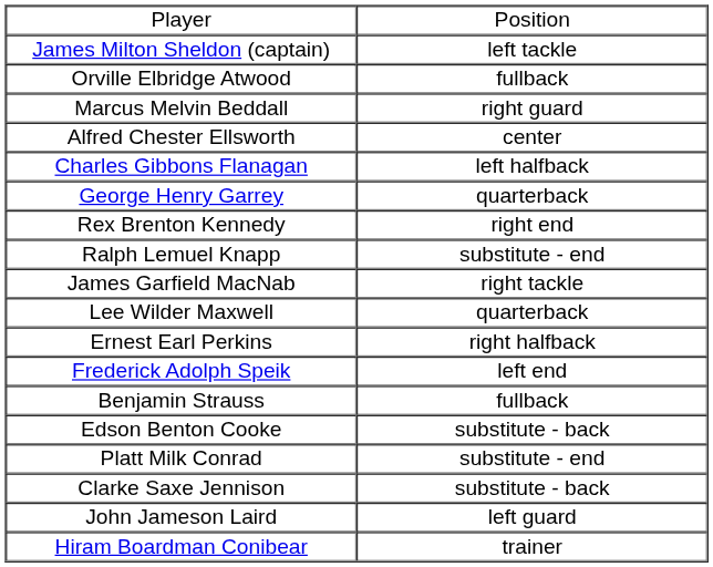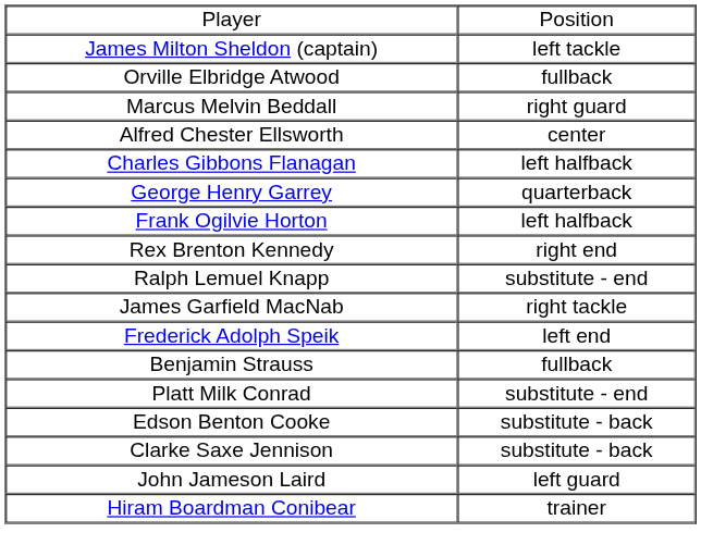 <table cellpadding="1" border="1" cellspacing="0" width="60%" style="text-align:center;">
 <tr>
 <td>Player</td>
 <td>Position</td>
 </tr>
 <tr align="center" bgcolor="">
 <td><a href='#'>James Milton Sheldon</a> (captain)</td>
 <td>left tackle</td>
 </tr>
 <tr align="center" bgcolor="">
 <td>Orville Elbridge Atwood</td>
 <td>fullback</td>
 </tr>
 <tr align="center" bgcolor="">
 <td>Marcus Melvin Beddall</td>
 <td>right guard</td>
 </tr>
 <tr align="center" bgcolor="">
 <td>Alfred Chester Ellsworth</td>
 <td>center</td>
 </tr>
 <tr align="center" bgcolor="">
 <td><a href='#'>Charles Gibbons Flanagan</a></td>
 <td>left halfback</td>
 </tr>
 <tr align="center" bgcolor="">
 <td><a href='#'>George Henry Garrey</a></td>
 <td>quarterback</td>
 </tr>
 <tr align="center" bgcolor="">
+<td><a href='#'>Frank Ogilvie Horton</a></td>
+<td>left halfback</td>
+</tr>
+<tr align="center" bgcolor="">
 <td>Rex Brenton Kennedy</td>
 <td>right end</td>
 </tr>
 <tr align="center" bgcolor="">
 <td>Ralph Lemuel Knapp</td>
 <td>substitute - end</td>
 </tr>
 <tr align="center" bgcolor="">
 <td>James Garfield MacNab</td>
 <td>right tackle</td>
 </tr>
 <tr align="center" bgcolor="">
-<td width="250">Lee Wilder Maxwell</td>
-<td width="250">quarterback</td>
-</tr>
-<tr align="center" bgcolor="">
-<td>Ernest Earl Perkins</td>
-<td>right halfback</td>
-</tr>
-<tr align="center" bgcolor="">
 <td><a href='#'>Frederick Adolph Speik</a></td>
 <td>left end</td>
 </tr>
 <tr align="center" bgcolor="">
 <td>Benjamin Strauss</td>
 <td>fullback</td>
 </tr>
 <tr align="center" bgcolor="">
+<td>Platt Milk Conrad</td>
+<td>substitute - end</td>
+</tr>
+<tr align="center" bgcolor="">
 <td>Edson Benton Cooke</td>
 <td>substitute - back</td>
-</tr>
-<tr align="center" bgcolor="">
-<td>Platt Milk Conrad</td>
-<td>substitute - end</td>
 </tr>
 <tr align="center" bgcolor="">
 <td>Clarke Saxe Jennison</td>
 <td>substitute - back</td>
 </tr>
 <tr align="center" bgcolor="">
 <td>John Jameson Laird</td>
 <td>left guard</td>
 </tr>
 <tr align="center" bgcolor="">
 <td><a href='#'>Hiram Boardman Conibear</a></td>
 <td>trainer</td>
 </tr>
 <tr align="center" bgcolor="">
 </tr>
 </table>
